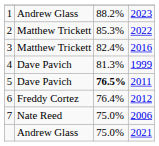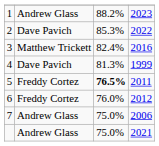 <table class="wikitable" style="display:inline-table;">
 <tr>
 </tr>
 <tr>
 <td>1</td>
 <td>Andrew Glass</td>
 <td><abbr>88.2%</abbr></td>
 <td><a href='#'>2023</a></td>
 </tr>
 <tr>
 <td>2</td>
-<td>Matthew Trickett</td>
+<td>Dave Pavich</td>
 <td><abbr>85.3%</abbr></td>
 <td><a href='#'>2022</a></td>
 </tr>
 <tr>
 <td>3</td>
 <td>Matthew Trickett</td>
 <td><abbr>82.4%</abbr></td>
 <td><a href='#'>2016</a></td>
 </tr>
 <tr>
 <td>4</td>
 <td>Dave Pavich</td>
 <td><abbr>81.3%</abbr></td>
 <td><a href='#'>1999</a></td>
 </tr>
 <tr>
 <td>5</td>
-<td>Dave Pavich</td>
+<td>Freddy Cortez</td>
 <td><strong><abbr>76.5%</abbr></strong></td>
 <td><a href='#'>2011</a></td>
 </tr>
 <tr>
 <td>6</td>
 <td>Freddy Cortez</td>
-<td><abbr>76.4%</abbr></td>
+<td><abbr>76.0%</abbr></td>
 <td><a href='#'>2012</a></td>
 </tr>
 <tr>
 <td>7</td>
-<td>Nate Reed</td>
+<td>Andrew Glass</td>
 <td><abbr>75.0%</abbr></td>
 <td><a href='#'>2006</a></td>
 </tr>
 <tr>
 <td></td>
 <td>Andrew Glass</td>
 <td><abbr>75.0%</abbr></td>
 <td><a href='#'>2021</a></td>
 </tr>
 </table>
